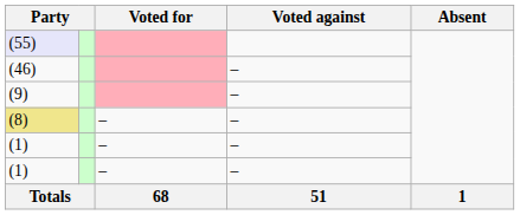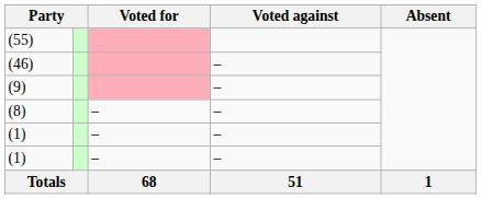 <table class="wikitable" style="width:40%;">
 <tr>
 <th colspan="2">Party</th>
 <th>Voted for</th>
 <th>Voted against</th>
 <th>Absent</th>
 </tr>
 <tr>
-<td style="background: lavender;"> (55)</td>
+<td> (55)</td>
 <td style="background-color:#CCFFCC;"></td>
 <td style="background-color:#FFAEB9;"></td>
 <td></td>
 </tr>
 <tr>
 <td> (46)</td>
 <td style="background-color:#CCFFCC;"></td>
 <td style="background-color:#FFAEB9;"></td>
 <td>–</td>
 </tr>
 <tr>
 <td> (9)</td>
 <td style="background-color:#CCFFCC;"></td>
 <td style="background-color:#FFAEB9;"></td>
 <td>–</td>
 </tr>
 <tr>
-<td style="background: khaki;"> (8)</td>
+<td> (8)</td>
 <td style="background-color:#CCFFCC;"></td>
 <td>–</td>
 <td>–</td>
 </tr>
 <tr>
 <td> (1)</td>
 <td style="background-color:#CCFFCC;"></td>
 <td>–</td>
 <td>–</td>
 </tr>
 <tr>
 <td> (1)</td>
 <td style="background-color:#CCFFCC;"></td>
 <td>–</td>
 <td>–</td>
 </tr>
 <tr>
 <th colspan=2>Totals</th>
 <th>68</th>
 <th>51</th>
 <th>1</th>
 </tr>
 </table>
